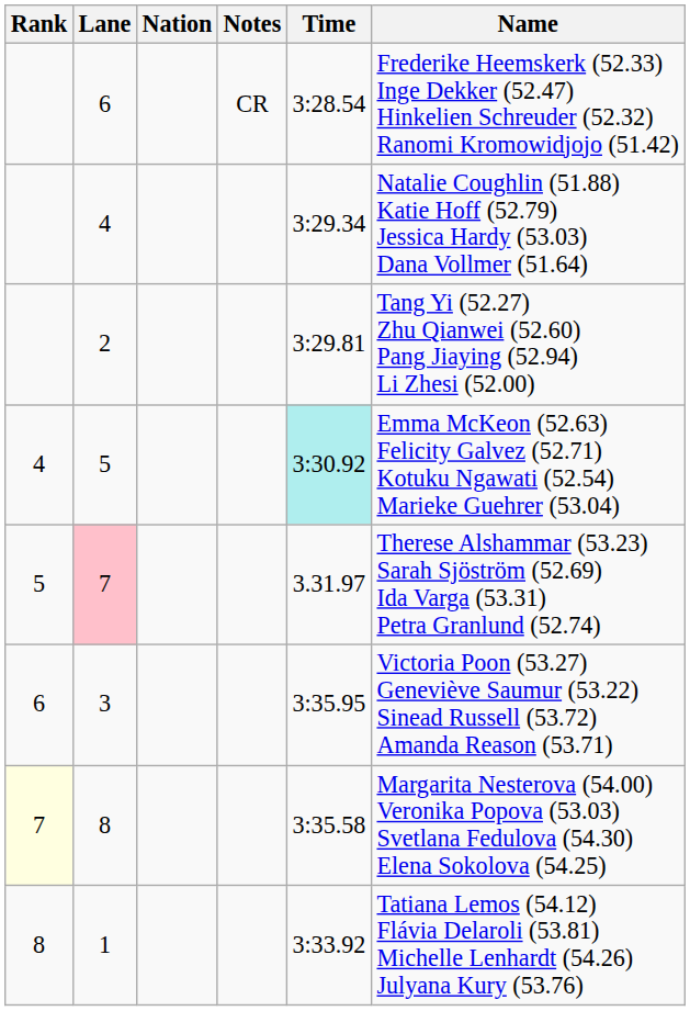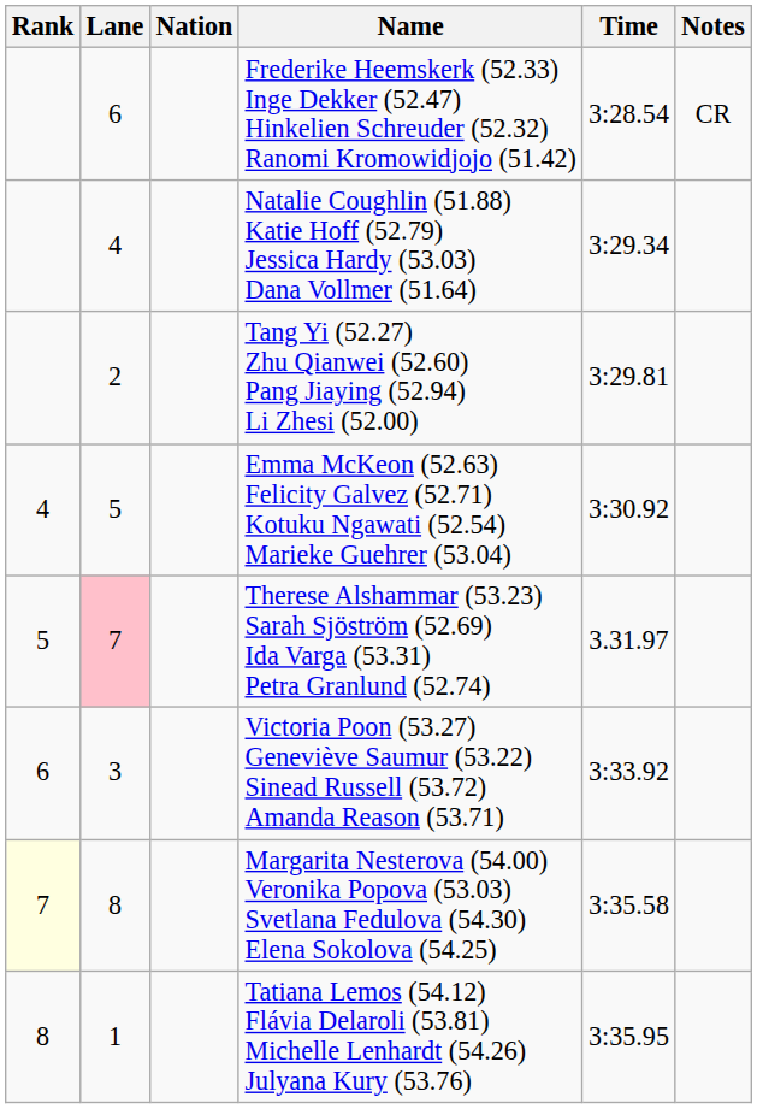 <table class="wikitable sortable" style="text-align:center">
 <tr>
 <th>Rank</th>
 <th>Lane</th>
 <th>Nation</th>
+<th>Name</th>
+<th>Time</th>
 <th>Notes</th>
-<th>Time</th>
-<th>Name</th>
 </tr>
 <tr>
 <td></td>
 <td>6</td>
 <td align=left></td>
+<td align=left><a href='#'>Frederike Heemskerk</a> (52.33)<br><a href='#'>Inge Dekker</a> (52.47)<br><a href='#'>Hinkelien Schreuder</a> (52.32)<br><a href='#'>Ranomi Kromowidjojo</a> (51.42)</td>
+<td>3:28.54</td>
 <td>CR</td>
-<td>3:28.54</td>
-<td align=left><a href='#'>Frederike Heemskerk</a> (52.33)<br><a href='#'>Inge Dekker</a> (52.47)<br><a href='#'>Hinkelien Schreuder</a> (52.32)<br><a href='#'>Ranomi Kromowidjojo</a> (51.42)</td>
 </tr>
 <tr>
 <td></td>
 <td>4</td>
 <td align=left></td>
+<td align=left><a href='#'>Natalie Coughlin</a> (51.88)<br><a href='#'>Katie Hoff</a> (52.79)<br><a href='#'>Jessica Hardy</a> (53.03)<br><a href='#'>Dana Vollmer</a> (51.64)</td>
+<td>3:29.34</td>
 <td></td>
-<td>3:29.34</td>
-<td align=left><a href='#'>Natalie Coughlin</a> (51.88)<br><a href='#'>Katie Hoff</a> (52.79)<br><a href='#'>Jessica Hardy</a> (53.03)<br><a href='#'>Dana Vollmer</a> (51.64)</td>
 </tr>
 <tr>
 <td></td>
 <td>2</td>
 <td align=left></td>
+<td align=left><a href='#'>Tang Yi</a> (52.27)<br><a href='#'>Zhu Qianwei</a> (52.60)<br><a href='#'>Pang Jiaying</a> (52.94)<br><a href='#'>Li Zhesi</a> (52.00)</td>
+<td>3:29.81</td>
 <td></td>
-<td>3:29.81</td>
-<td align=left><a href='#'>Tang Yi</a> (52.27)<br><a href='#'>Zhu Qianwei</a> (52.60)<br><a href='#'>Pang Jiaying</a> (52.94)<br><a href='#'>Li Zhesi</a> (52.00)</td>
 </tr>
 <tr>
 <td>4</td>
 <td>5</td>
 <td align=left></td>
+<td align=left><a href='#'>Emma McKeon</a> (52.63)<br><a href='#'>Felicity Galvez</a> (52.71)<br><a href='#'>Kotuku Ngawati</a> (52.54)<br><a href='#'>Marieke Guehrer</a> (53.04)</td>
+<td>3:30.92</td>
 <td></td>
-<td style="background: paleturquoise;">3:30.92</td>
-<td align=left><a href='#'>Emma McKeon</a> (52.63)<br><a href='#'>Felicity Galvez</a> (52.71)<br><a href='#'>Kotuku Ngawati</a> (52.54)<br><a href='#'>Marieke Guehrer</a> (53.04)</td>
 </tr>
 <tr>
 <td>5</td>
 <td style="background: pink;">7</td>
 <td align=left></td>
+<td align=left><a href='#'>Therese Alshammar</a> (53.23)<br><a href='#'>Sarah Sjöström</a> (52.69)<br><a href='#'>Ida Varga</a> (53.31)<br><a href='#'>Petra Granlund</a> (52.74)</td>
+<td>3.31.97</td>
 <td></td>
-<td>3.31.97</td>
-<td align=left><a href='#'>Therese Alshammar</a> (53.23)<br><a href='#'>Sarah Sjöström</a> (52.69)<br><a href='#'>Ida Varga</a> (53.31)<br><a href='#'>Petra Granlund</a> (52.74)</td>
 </tr>
 <tr>
 <td>6</td>
 <td>3</td>
 <td align=left></td>
+<td align=left><a href='#'>Victoria Poon</a> (53.27)<br><a href='#'>Geneviève Saumur</a> (53.22)<br><a href='#'>Sinead Russell</a> (53.72)<br><a href='#'>Amanda Reason</a> (53.71)</td>
+<td>3:33.92</td>
 <td></td>
-<td>3:35.95</td>
-<td align=left><a href='#'>Victoria Poon</a> (53.27)<br><a href='#'>Geneviève Saumur</a> (53.22)<br><a href='#'>Sinead Russell</a> (53.72)<br><a href='#'>Amanda Reason</a> (53.71)</td>
 </tr>
 <tr>
 <td style="background: lightyellow;">7</td>
 <td>8</td>
 <td align=left></td>
+<td align=left><a href='#'>Margarita Nesterova</a> (54.00)<br><a href='#'>Veronika Popova</a> (53.03)<br><a href='#'>Svetlana Fedulova</a> (54.30)<br><a href='#'>Elena Sokolova</a> (54.25)</td>
+<td>3:35.58</td>
 <td></td>
-<td>3:35.58</td>
-<td align=left><a href='#'>Margarita Nesterova</a> (54.00)<br><a href='#'>Veronika Popova</a> (53.03)<br><a href='#'>Svetlana Fedulova</a> (54.30)<br><a href='#'>Elena Sokolova</a> (54.25)</td>
 </tr>
 <tr>
 <td>8</td>
 <td>1</td>
 <td align=left></td>
+<td align=left><a href='#'>Tatiana Lemos</a> (54.12)<br><a href='#'>Flávia Delaroli</a> (53.81)<br><a href='#'>Michelle Lenhardt</a> (54.26)<br><a href='#'>Julyana Kury</a> (53.76)</td>
+<td>3:35.95</td>
 <td></td>
-<td>3:33.92</td>
-<td align=left><a href='#'>Tatiana Lemos</a> (54.12)<br><a href='#'>Flávia Delaroli</a> (53.81)<br><a href='#'>Michelle Lenhardt</a> (54.26)<br><a href='#'>Julyana Kury</a> (53.76)</td>
 </tr>
 </table>
